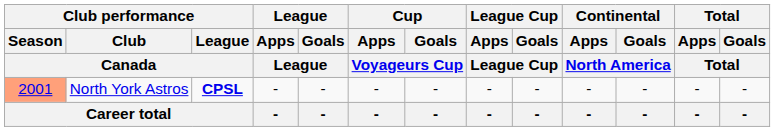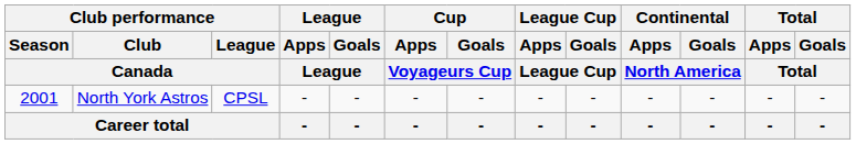 <table class="wikitable" style="text-align:center">
 <tr>
 <th colspan=3>Club performance</th>
 <th colspan=2>League</th>
 <th colspan=2>Cup</th>
 <th colspan=2>League Cup</th>
 <th colspan=2>Continental</th>
 <th colspan=2>Total</th>
 </tr>
 <tr>
 <th>Season</th>
 <th>Club</th>
 <th>League</th>
 <th>Apps</th>
 <th>Goals</th>
 <th>Apps</th>
 <th>Goals</th>
 <th>Apps</th>
 <th>Goals</th>
 <th>Apps</th>
 <th>Goals</th>
 <th>Apps</th>
 <th>Goals</th>
 </tr>
 <tr>
 <th colspan=3>Canada</th>
 <th colspan=2>League</th>
 <th colspan=2><a href='#'>Voyageurs Cup</a></th>
 <th colspan=2>League Cup</th>
 <th colspan=2><a href='#'>North America</a></th>
 <th colspan=2>Total</th>
 </tr>
 <tr>
-<td style="background: lightsalmon;"><a href='#'>2001</a></td>
+<td><a href='#'>2001</a></td>
 <td><a href='#'>North York Astros</a></td>
-<td><strong><a href='#'>CPSL</a></strong></td>
+<td><a href='#'>CPSL</a></td>
 <td>-</td>
 <td>-</td>
 <td>-</td>
 <td>-</td>
 <td>-</td>
 <td>-</td>
 <td>-</td>
 <td>-</td>
 <td>-</td>
 <td>-</td>
 </tr>
 <tr>
 <th colspan=3>Career total</th>
 <th>-</th>
 <th>-</th>
 <th>-</th>
 <th>-</th>
 <th>-</th>
 <th>-</th>
 <th>-</th>
 <th>-</th>
 <th>-</th>
 <th>-</th>
 </tr>
 </table>
